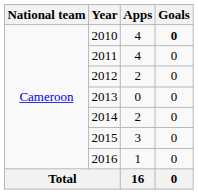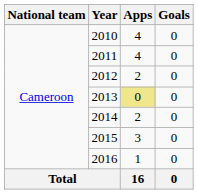 <table class="wikitable" style="text-align:center">
 <tr>
 <th>National team</th>
 <th>Year</th>
 <th>Apps</th>
 <th>Goals</th>
 </tr>
 <tr>
 <td rowspan="7"><a href='#'>Cameroon</a></td>
 <td>2010</td>
 <td>4</td>
-<td><strong>0</strong></td>
+<td>0</td>
 </tr>
 <tr>
 <td>2011</td>
 <td>4</td>
 <td>0</td>
 </tr>
 <tr>
 <td>2012</td>
 <td>2</td>
 <td>0</td>
 </tr>
 <tr>
 <td>2013</td>
-<td>0</td>
+<td style="background: khaki;">0</td>
 <td>0</td>
 </tr>
 <tr>
 <td>2014</td>
 <td>2</td>
 <td>0</td>
 </tr>
 <tr>
 <td>2015</td>
 <td>3</td>
 <td>0</td>
 </tr>
 <tr>
 <td>2016</td>
 <td>1</td>
 <td>0</td>
 </tr>
 <tr>
 <th colspan="2">Total</th>
 <th>16</th>
 <th>0</th>
 </tr>
 </table>
